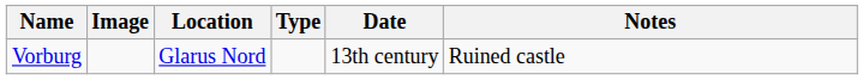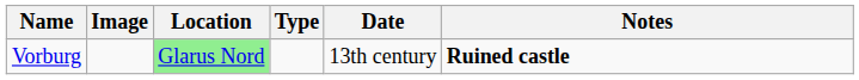 <table class="wikitable sortable" style="text-align:left; margin-left: auto; margin-right: auto; border: none; width:500">
 <tr>
 <th>Name</th>
 <th class="unsortable">Image</th>
 <th>Location</th>
 <th>Type</th>
 <th>Date</th>
 <th class="unsortable" style="width: 300px;">Notes</th>
 </tr>
 <tr>
 <td><a href='#'>Vorburg</a></td>
 <td></td>
-<td><a href='#'>Glarus Nord</a><br></td>
+<td style="background: lightgreen;"><a href='#'>Glarus Nord</a><br></td>
 <td></td>
 <td data-sort-value=1250>13th century</td>
-<td>Ruined castle</td>
+<td><strong>Ruined castle</strong></td>
 </tr>
 <tr>
 </tr>
 </table>
